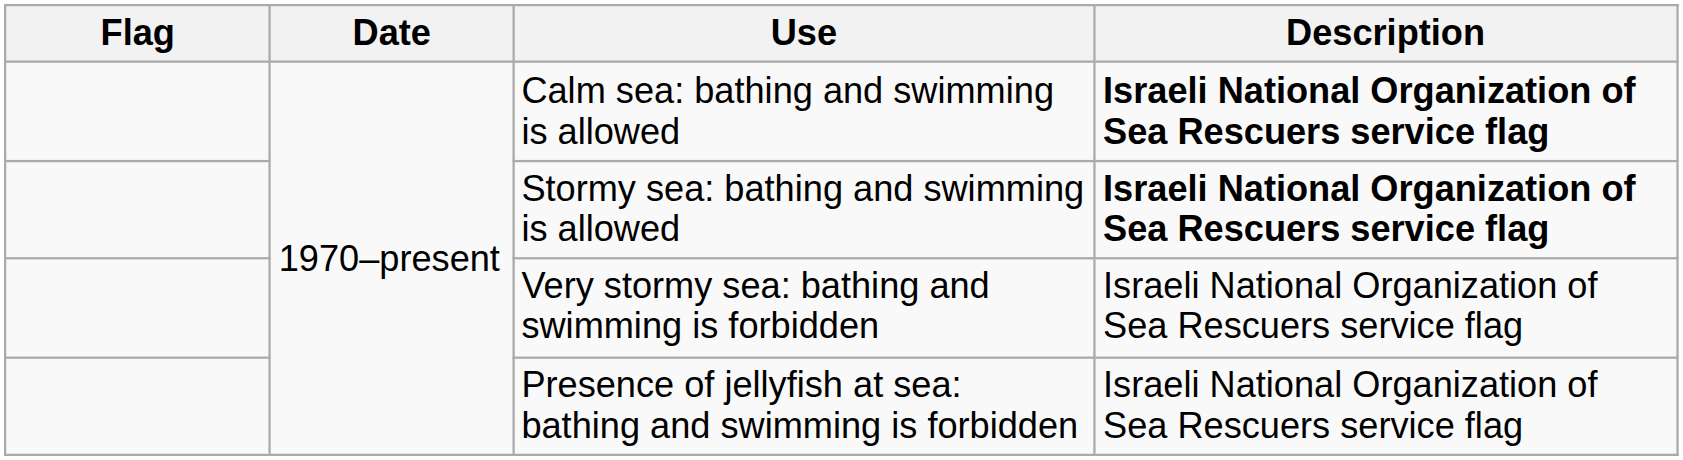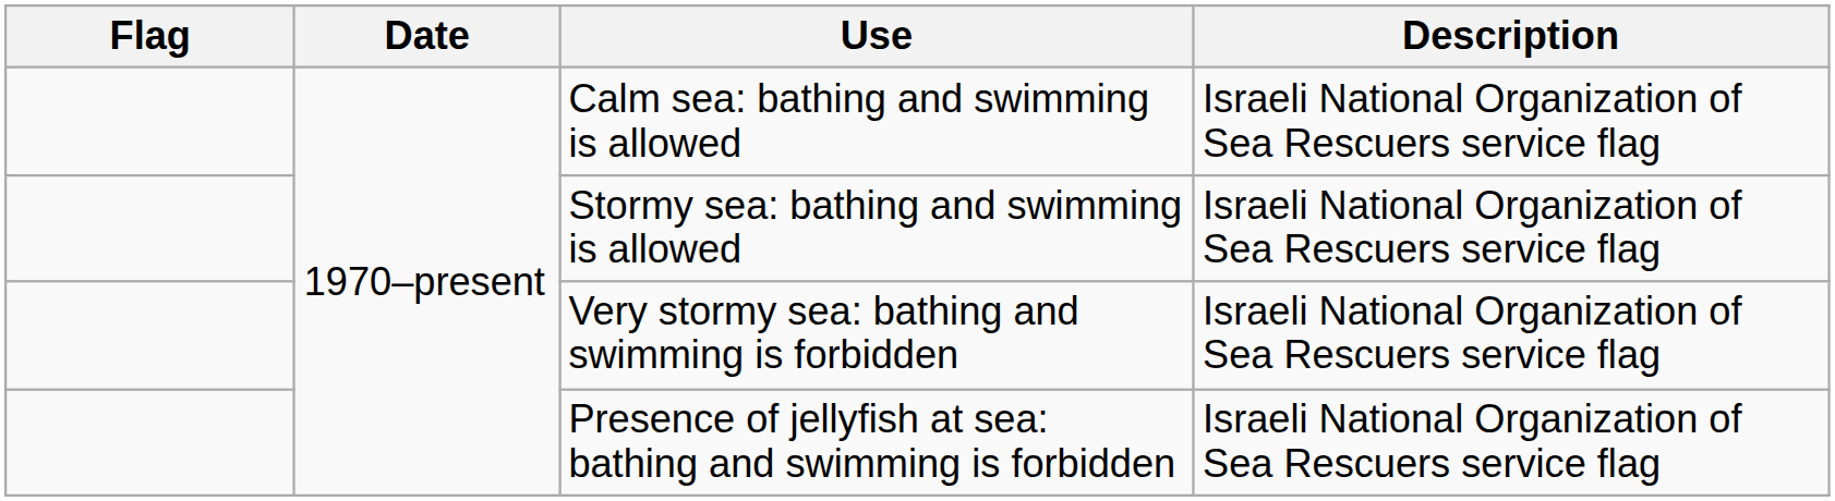 <table class="wikitable" style="background:#f9f9f9">
 <tr>
 <th style="width:110px">Flag</th>
 <th style="width:100px">Date</th>
 <th style="width:250px">Use</th>
 <th style="width:250px">Description</th>
 </tr>
 <tr>
 <td></td>
 <td rowspan="4">1970–present</td>
 <td>Calm sea: bathing and swimming is allowed</td>
-<td><strong>Israeli National Organization of Sea Rescuers service flag</strong></td>
+<td>Israeli National Organization of Sea Rescuers service flag</td>
 </tr>
 <tr>
 <td></td>
 <td>Stormy sea: bathing and swimming is allowed</td>
-<td><strong>Israeli National Organization of Sea Rescuers service flag</strong></td>
+<td>Israeli National Organization of Sea Rescuers service flag</td>
 </tr>
 <tr>
 <td></td>
 <td>Very stormy sea: bathing and swimming is forbidden</td>
 <td>Israeli National Organization of Sea Rescuers service flag</td>
 </tr>
 <tr>
 <td></td>
 <td>Presence of jellyfish at sea: bathing and swimming is forbidden</td>
 <td>Israeli National Organization of Sea Rescuers service flag</td>
 </tr>
 </table>
